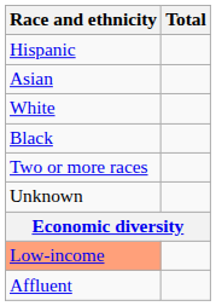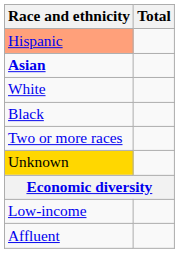 <table class="wikitable floatright sortable collapsible"; text-align:right; font-size:80%;">
 <tr>
 <th>Race and ethnicity</th>
 <th colspan="2" data-sort-type=number>Total</th>
 </tr>
 <tr>
-<td><a href='#'>Hispanic</a></td>
+<td style="background: lightsalmon;"><a href='#'>Hispanic</a></td>
 <td align=right></td>
 </tr>
 <tr>
-<td><a href='#'>Asian</a></td>
+<td><strong><a href='#'>Asian</a></strong></td>
 <td align=right></td>
 </tr>
 <tr>
 <td><a href='#'>White</a></td>
 <td align=right></td>
 </tr>
 <tr>
 <td><a href='#'>Black</a></td>
 <td align=right></td>
 </tr>
 <tr>
 <td><a href='#'>Two or more races</a></td>
 <td align=right></td>
 </tr>
 <tr>
-<td>Unknown</td>
+<td style="background: gold;">Unknown</td>
 <td align=right></td>
 </tr>
 <tr>
 <th colspan="4" data-sort-type=number><a href='#'>Economic diversity</a></th>
 </tr>
 <tr>
-<td style="background: lightsalmon;"><a href='#'>Low-income</a></td>
+<td><a href='#'>Low-income</a></td>
 <td align=right></td>
 </tr>
 <tr>
 <td><a href='#'>Affluent</a></td>
 <td align=right></td>
 </tr>
 </table>
